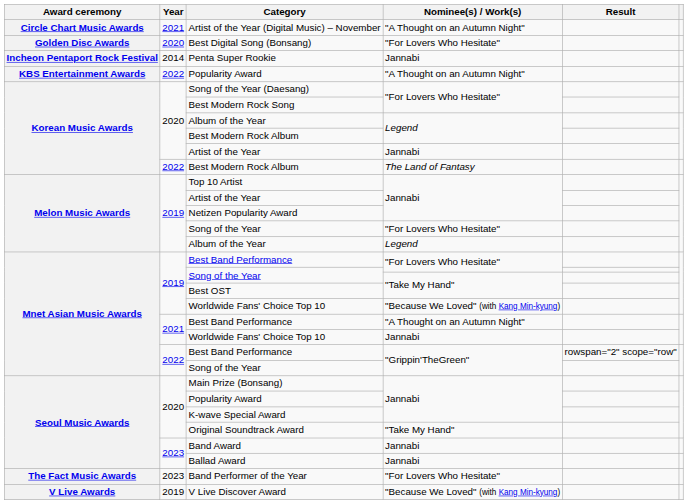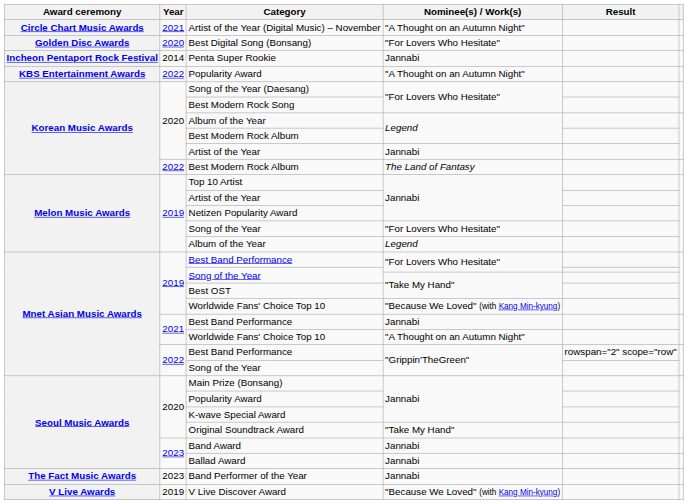 <table class="wikitable plainrowheaders sortable">
 <tr>
 <th scope="col">Award ceremony</th>
 <th scope="col">Year</th>
 <th scope="col">Category</th>
 <th scope="col">Nominee(s) / Work(s)</th>
 <th scope="col">Result</th>
 <th scope="col" class="unsortable"></th>
 </tr>
 <tr>
 <th scope="row"><a href='#'>Circle Chart Music Awards</a></th>
 <td style="text-align:center" rowspan="1"><a href='#'>2021</a></td>
 <td>Artist of the Year (Digital Music) – November</td>
 <td rowspan="1">"A Thought on an Autumn Night"</td>
 <td></td>
 <td></td>
 </tr>
 <tr>
 <th scope="row"><a href='#'>Golden Disc Awards</a></th>
 <td style="text-align:center"><a href='#'>2020</a></td>
 <td>Best Digital Song (Bonsang)</td>
 <td rowspan="1">"For Lovers Who Hesitate"</td>
 <td></td>
 <td></td>
 </tr>
 <tr>
 <th scope="row" rowspan="1"><a href='#'>Incheon Pentaport Rock Festival</a></th>
 <td style="text-align:center" rowspan="1">2014</td>
 <td>Penta Super Rookie</td>
 <td rowspan="1">Jannabi</td>
 <td></td>
 <td></td>
 </tr>
 <tr>
 <th scope="row"><a href='#'>KBS Entertainment Awards</a></th>
 <td style="text-align:center" rowspan=1><a href='#'>2022</a></td>
 <td>Popularity Award</td>
 <td>"A Thought on an Autumn Night"</td>
 <td></td>
 <td></td>
 </tr>
 <tr>
 <th scope="row" rowspan="6"><a href='#'>Korean Music Awards</a></th>
 <td style="text-align:center" rowspan="5">2020</td>
 <td>Song of the Year (Daesang)</td>
 <td rowspan="2">"For Lovers Who Hesitate"</td>
 <td></td>
 <td rowspan="2"></td>
 </tr>
 <tr>
 <td>Best Modern Rock Song</td>
 <td></td>
 </tr>
 <tr>
 <td>Album of the Year</td>
 <td rowspan="2"><em>Legend</em></td>
 <td></td>
 <td rowspan="3"></td>
 </tr>
 <tr>
 <td>Best Modern Rock Album</td>
 <td></td>
 </tr>
 <tr>
 <td>Artist of the Year</td>
 <td rowspan="1">Jannabi</td>
 <td></td>
 </tr>
 <tr>
 <td style="text-align:center" rowspan="1"><a href='#'>2022</a></td>
 <td>Best Modern Rock Album</td>
 <td rowspan="1"><em>The Land of Fantasy</em></td>
 <td></td>
 <td></td>
 </tr>
 <tr>
 <th scope="row" rowspan="5"><a href='#'>Melon Music Awards</a></th>
 <td style="text-align:center" rowspan="5"><a href='#'>2019</a></td>
 <td>Top 10 Artist</td>
 <td rowspan="3">Jannabi</td>
 <td></td>
 <td rowspan="5"></td>
 </tr>
 <tr>
 <td>Artist of the Year</td>
 <td></td>
 </tr>
 <tr>
 <td>Netizen Popularity Award</td>
 <td></td>
 </tr>
 <tr>
 <td>Song of the Year</td>
 <td>"For Lovers Who Hesitate"</td>
 <td></td>
 </tr>
 <tr>
 <td>Album of the Year</td>
 <td><em>Legend</em></td>
 <td></td>
 </tr>
 <tr>
 <th scope="row" rowspan="9"><a href='#'>Mnet Asian Music Awards</a></th>
 <td style="text-align:center" rowspan="5"><a href='#'>2019</a></td>
 <td><a href='#'>Best Band Performance</a></td>
 <td rowspan="2">"For Lovers Who Hesitate"</td>
 <td></td>
 <td rowspan="5"></td>
 </tr>
 <tr>
 <td rowspan="2"><a href='#'>Song of the Year</a></td>
 <td></td>
 </tr>
 <tr>
 <td rowspan="2">"Take My Hand"</td>
 <td></td>
 </tr>
 <tr>
 <td>Best OST</td>
 <td></td>
 </tr>
 <tr>
 <td>Worldwide Fans' Choice Top 10</td>
 <td>"Because We Loved" <small>(with <a href='#'>Kang Min-kyung</a>)</small></td>
 <td></td>
 </tr>
 <tr>
 <td style="text-align:center" rowspan="2"><a href='#'>2021</a></td>
 <td>Best Band Performance</td>
-<td>"A Thought on an Autumn Night"</td>
+<td>Jannabi</td>
 <td></td>
 <td rowspan="2"></td>
 </tr>
 <tr>
 <td>Worldwide Fans' Choice Top 10</td>
-<td>Jannabi</td>
+<td>"A Thought on an Autumn Night"</td>
 <td></td>
 </tr>
 <tr>
 <td style="text-align:center" rowspan="2"><a href='#'>2022</a></td>
 <td>Best Band Performance</td>
 <td rowspan="2" scope="row">"Grippin'TheGreen"</td>
 <td>rowspan="2" scope="row" </td>
 <td rowspan="2"></td>
 </tr>
 <tr>
 <td>Song of the Year</td>
 </tr>
 <tr>
 <th scope="row" rowspan="6"><a href='#'>Seoul Music Awards</a></th>
 <td style="text-align:center" rowspan="4">2020</td>
 <td>Main Prize (Bonsang)</td>
 <td rowspan="3">Jannabi</td>
 <td></td>
 <td rowspan="4"></td>
 </tr>
 <tr>
 <td>Popularity Award</td>
 <td></td>
 </tr>
 <tr>
 <td>K-wave Special Award</td>
 <td></td>
 </tr>
 <tr>
 <td>Original Soundtrack Award</td>
 <td>"Take My Hand"</td>
 <td></td>
 </tr>
 <tr>
 <td style="text-align:center" rowspan="2"><a href='#'>2023</a></td>
 <td>Band Award</td>
 <td>Jannabi</td>
 <td></td>
 <td></td>
 </tr>
 <tr>
 <td>Ballad Award</td>
 <td>Jannabi</td>
 <td></td>
 <td></td>
 </tr>
 <tr>
 <th scope="row"><a href='#'>The Fact Music Awards</a></th>
 <td style="text-align:center">2023</td>
 <td>Band Performer of the Year</td>
-<td>"For Lovers Who Hesitate"</td>
+<td>Jannabi</td>
 <td></td>
 <td></td>
 </tr>
 <tr>
 <th scope="row"><a href='#'>V Live Awards</a></th>
 <td style="text-align:center">2019</td>
 <td>V Live Discover Award</td>
 <td>"Because We Loved" <small>(with <a href='#'>Kang Min-kyung</a>)</small></td>
 <td></td>
 <td></td>
 </tr>
 </table>
